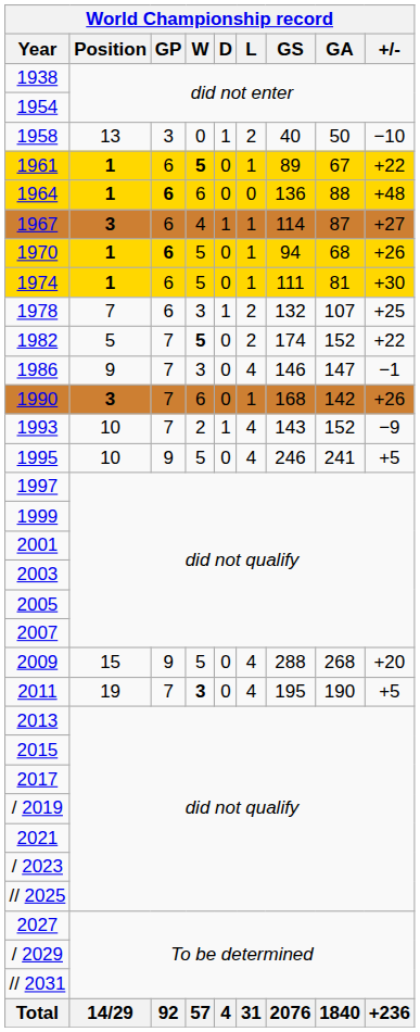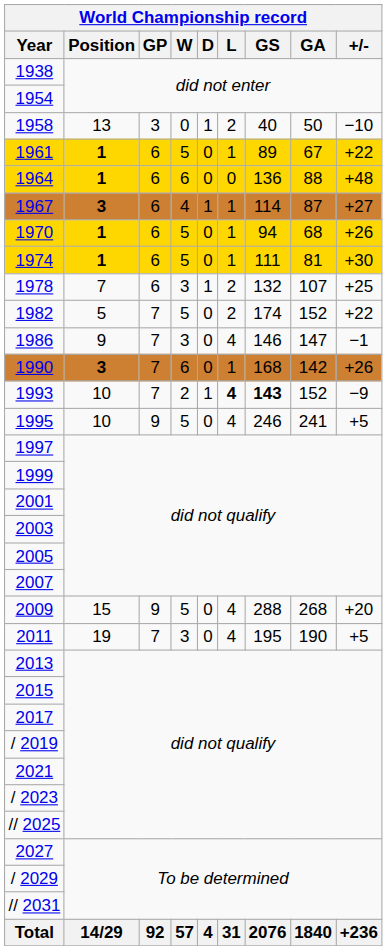 <table class="wikitable" style="text-align: center;">
 <tr>
 <th colspan=9><a href='#'>World Championship record</a></th>
 </tr>
 <tr>
 <th>Year</th>
 <th>Position</th>
 <th>GP</th>
 <th>W</th>
 <th>D</th>
 <th>L</th>
 <th>GS</th>
 <th>GA</th>
 <th>+/-</th>
 </tr>
 <tr>
 <td> <a href='#'>1938</a></td>
 <td colspan="8" rowspan="2"><em>did not enter</em></td>
 </tr>
 <tr>
 <td> <a href='#'>1954</a></td>
 </tr>
 <tr>
 <td> <a href='#'>1958</a></td>
 <td>13</td>
 <td>3</td>
 <td>0</td>
 <td>1</td>
 <td>2</td>
 <td>40</td>
 <td>50</td>
 <td>−10</td>
 </tr>
 <tr bgcolor=gold>
 <td> <a href='#'>1961</a></td>
 <td><strong>1</strong></td>
 <td>6</td>
-<td><strong>5</strong></td>
+<td>5</td>
 <td>0</td>
 <td>1</td>
 <td>89</td>
 <td>67</td>
 <td>+22</td>
 </tr>
 <tr bgcolor=gold>
 <td> <a href='#'>1964</a></td>
 <td><strong>1</strong></td>
-<td><strong>6</strong></td>
+<td>6</td>
 <td>6</td>
 <td>0</td>
 <td>0</td>
 <td>136</td>
 <td>88</td>
 <td>+48</td>
 </tr>
 <tr bgcolor=CD7F32>
 <td> <a href='#'>1967</a></td>
 <td><strong>3</strong></td>
 <td>6</td>
 <td>4</td>
 <td>1</td>
 <td>1</td>
 <td>114</td>
 <td>87</td>
 <td>+27</td>
 </tr>
 <tr bgcolor=gold>
 <td> <a href='#'>1970</a></td>
 <td><strong>1</strong></td>
-<td><strong>6</strong></td>
+<td>6</td>
 <td>5</td>
 <td>0</td>
 <td>1</td>
 <td>94</td>
 <td>68</td>
 <td>+26</td>
 </tr>
 <tr bgcolor=gold>
 <td> <a href='#'>1974</a></td>
 <td><strong>1</strong></td>
 <td>6</td>
 <td>5</td>
 <td>0</td>
 <td>1</td>
 <td>111</td>
 <td>81</td>
 <td>+30</td>
 </tr>
 <tr>
 <td> <a href='#'>1978</a></td>
 <td>7</td>
 <td>6</td>
 <td>3</td>
 <td>1</td>
 <td>2</td>
 <td>132</td>
 <td>107</td>
 <td>+25</td>
 </tr>
 <tr>
 <td> <a href='#'>1982</a></td>
 <td>5</td>
 <td>7</td>
-<td><strong>5</strong></td>
+<td>5</td>
 <td>0</td>
 <td>2</td>
 <td>174</td>
 <td>152</td>
 <td>+22</td>
 </tr>
 <tr>
 <td> <a href='#'>1986</a></td>
 <td>9</td>
 <td>7</td>
 <td>3</td>
 <td>0</td>
 <td>4</td>
 <td>146</td>
 <td>147</td>
 <td>−1</td>
 </tr>
 <tr bgcolor=CD7F32>
 <td> <a href='#'>1990</a></td>
 <td><strong>3</strong></td>
 <td>7</td>
 <td>6</td>
 <td>0</td>
 <td>1</td>
 <td>168</td>
 <td>142</td>
 <td>+26</td>
 </tr>
 <tr>
 <td> <a href='#'>1993</a></td>
 <td>10</td>
 <td>7</td>
 <td>2</td>
 <td>1</td>
-<td>4</td>
-<td>143</td>
+<td><strong>4</strong></td>
+<td><strong>143</strong></td>
 <td>152</td>
 <td>−9</td>
 </tr>
 <tr>
 <td> <a href='#'>1995</a></td>
 <td>10</td>
 <td>9</td>
 <td>5</td>
 <td>0</td>
 <td>4</td>
 <td>246</td>
 <td>241</td>
 <td>+5</td>
 </tr>
 <tr>
 <td> <a href='#'>1997</a></td>
 <td colspan="8" rowspan="6"><em>did not qualify</em></td>
 </tr>
 <tr>
 <td> <a href='#'>1999</a></td>
 </tr>
 <tr>
 <td> <a href='#'>2001</a></td>
 </tr>
 <tr>
 <td> <a href='#'>2003</a></td>
 </tr>
 <tr>
 <td> <a href='#'>2005</a></td>
 </tr>
 <tr>
 <td> <a href='#'>2007</a></td>
 </tr>
 <tr>
 <td> <a href='#'>2009</a></td>
 <td>15</td>
 <td>9</td>
 <td>5</td>
 <td>0</td>
 <td>4</td>
 <td>288</td>
 <td>268</td>
 <td>+20</td>
 </tr>
 <tr>
 <td> <a href='#'>2011</a></td>
 <td>19</td>
 <td>7</td>
-<td><strong>3</strong></td>
+<td>3</td>
 <td>0</td>
 <td>4</td>
 <td>195</td>
 <td>190</td>
 <td>+5</td>
 </tr>
 <tr>
 <td> <a href='#'>2013</a></td>
 <td colspan="8" rowspan="7"><em>did not qualify</em></td>
 </tr>
 <tr>
 <td> <a href='#'>2015</a></td>
 </tr>
 <tr>
 <td> <a href='#'>2017</a></td>
 </tr>
 <tr>
 <td>/ <a href='#'>2019</a></td>
 </tr>
 <tr>
 <td> <a href='#'>2021</a></td>
 </tr>
 <tr>
 <td>/ <a href='#'>2023</a></td>
 </tr>
 <tr>
 <td>// <a href='#'>2025</a></td>
 </tr>
 <tr>
 <td> <a href='#'>2027</a></td>
 <td colspan="8" rowspan="3"><em>To be determined</em></td>
 </tr>
 <tr>
 <td>/ <a href='#'>2029</a></td>
 </tr>
 <tr>
 <td>// <a href='#'>2031</a></td>
 </tr>
 <tr>
 <th>Total</th>
 <th>14/29</th>
 <th>92</th>
 <th>57</th>
 <th>4</th>
 <th>31</th>
 <th>2076</th>
 <th>1840</th>
 <th>+236</th>
 </tr>
 </table>
